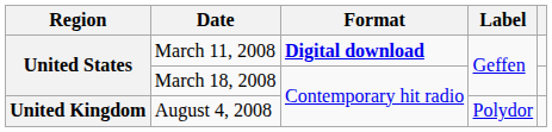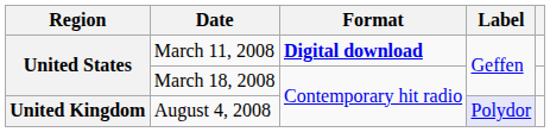 <table class="wikitable plainrowheaders">
 <tr>
 <th scope="col">Region</th>
 <th scope="col">Date</th>
 <th scope="col">Format</th>
 <th scope="col">Label</th>
 <th scope="col"></th>
 </tr>
 <tr>
 <th scope="row" rowspan="2">United States</th>
 <td>March 11, 2008</td>
 <td><strong><a href='#'>Digital download</a></strong></td>
 <td rowspan="2"><a href='#'>Geffen</a></td>
 <td></td>
 </tr>
 <tr>
 <td>March 18, 2008</td>
 <td rowspan="2"><a href='#'>Contemporary hit radio</a></td>
 <td></td>
 </tr>
 <tr>
 <th scope="row">United Kingdom</th>
 <td>August 4, 2008</td>
-<td><a href='#'>Polydor</a></td>
+<td style="background: lavender;"><a href='#'>Polydor</a></td>
 <td></td>
 </tr>
 </table>
